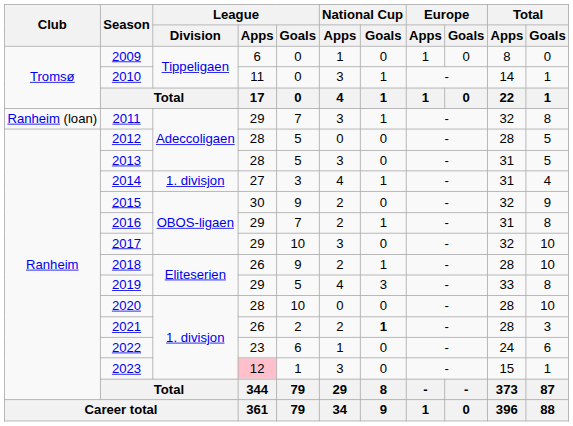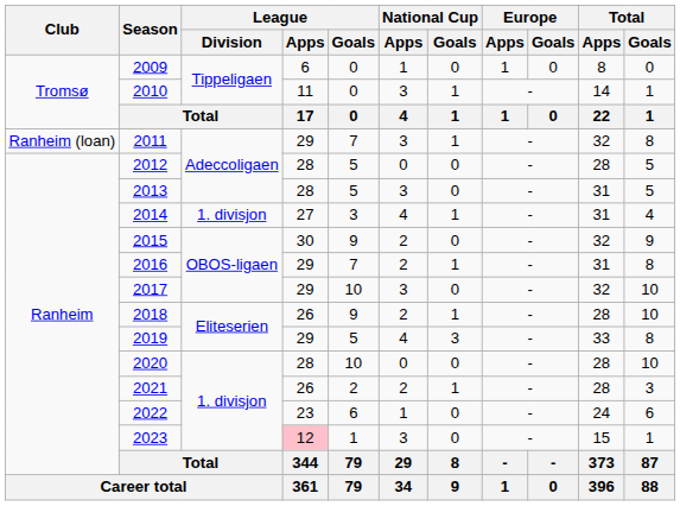 <table class="wikitable" style="text-align: center;">
 <tr>
 <th rowspan="2">Club</th>
 <th rowspan="2">Season</th>
 <th colspan="3">League</th>
 <th colspan="2">National Cup</th>
 <th colspan="2">Europe</th>
 <th colspan="2">Total</th>
 </tr>
 <tr>
 <th>Division</th>
 <th>Apps</th>
 <th>Goals</th>
 <th>Apps</th>
 <th>Goals</th>
 <th>Apps</th>
 <th>Goals</th>
 <th>Apps</th>
 <th>Goals</th>
 </tr>
 <tr>
 <td rowspan="3"><a href='#'>Tromsø</a></td>
 <td><a href='#'>2009</a></td>
 <td rowspan="2"><a href='#'>Tippeligaen</a></td>
 <td>6</td>
 <td>0</td>
 <td>1</td>
 <td>0</td>
 <td>1</td>
 <td>0</td>
 <td>8</td>
 <td>0</td>
 </tr>
 <tr>
 <td><a href='#'>2010</a></td>
 <td>11</td>
 <td>0</td>
 <td>3</td>
 <td>1</td>
 <td colspan="2">-</td>
 <td>14</td>
 <td>1</td>
 </tr>
 <tr>
 <th colspan="2">Total</th>
 <th>17</th>
 <th>0</th>
 <th>4</th>
 <th>1</th>
 <th>1</th>
 <th>0</th>
 <th>22</th>
 <th>1</th>
 </tr>
 <tr>
 <td><a href='#'>Ranheim</a> (loan)</td>
 <td><a href='#'>2011</a></td>
 <td rowspan="3"><a href='#'>Adeccoligaen</a></td>
 <td>29</td>
 <td>7</td>
 <td>3</td>
 <td>1</td>
 <td colspan="2">-</td>
 <td>32</td>
 <td>8</td>
 </tr>
 <tr>
 <td rowspan="13"><a href='#'>Ranheim</a></td>
 <td><a href='#'>2012</a></td>
 <td>28</td>
 <td>5</td>
 <td>0</td>
 <td>0</td>
 <td colspan="2">-</td>
 <td>28</td>
 <td>5</td>
 </tr>
 <tr>
 <td><a href='#'>2013</a></td>
 <td>28</td>
 <td>5</td>
 <td>3</td>
 <td>0</td>
 <td colspan="2">-</td>
 <td>31</td>
 <td>5</td>
 </tr>
 <tr>
 <td><a href='#'>2014</a></td>
 <td><a href='#'>1. divisjon</a></td>
 <td>27</td>
 <td>3</td>
 <td>4</td>
 <td>1</td>
 <td colspan="2">-</td>
 <td>31</td>
 <td>4</td>
 </tr>
 <tr>
 <td><a href='#'>2015</a></td>
 <td rowspan="3"><a href='#'>OBOS-ligaen</a></td>
 <td>30</td>
 <td>9</td>
 <td>2</td>
 <td>0</td>
 <td colspan="2">-</td>
 <td>32</td>
 <td>9</td>
 </tr>
 <tr>
 <td><a href='#'>2016</a></td>
 <td>29</td>
 <td>7</td>
 <td>2</td>
 <td>1</td>
 <td colspan="2">-</td>
 <td>31</td>
 <td>8</td>
 </tr>
 <tr>
 <td><a href='#'>2017</a></td>
 <td>29</td>
 <td>10</td>
 <td>3</td>
 <td>0</td>
 <td colspan="2">-</td>
 <td>32</td>
 <td>10</td>
 </tr>
 <tr>
 <td><a href='#'>2018</a></td>
 <td rowspan="2"><a href='#'>Eliteserien</a></td>
 <td>26</td>
 <td>9</td>
 <td>2</td>
 <td>1</td>
 <td colspan="2">-</td>
 <td>28</td>
 <td>10</td>
 </tr>
 <tr>
 <td><a href='#'>2019</a></td>
 <td>29</td>
 <td>5</td>
 <td>4</td>
 <td>3</td>
 <td colspan="2">-</td>
 <td>33</td>
 <td>8</td>
 </tr>
 <tr>
 <td><a href='#'>2020</a></td>
 <td rowspan="4"><a href='#'>1. divisjon</a></td>
 <td>28</td>
 <td>10</td>
 <td>0</td>
 <td>0</td>
 <td colspan="2">-</td>
 <td>28</td>
 <td>10</td>
 </tr>
 <tr>
 <td><a href='#'>2021</a></td>
 <td>26</td>
 <td>2</td>
 <td>2</td>
-<td><strong>1</strong></td>
+<td>1</td>
 <td colspan="2">-</td>
 <td>28</td>
 <td>3</td>
 </tr>
 <tr>
 <td><a href='#'>2022</a></td>
 <td>23</td>
 <td>6</td>
 <td>1</td>
 <td>0</td>
 <td colspan="2">-</td>
 <td>24</td>
 <td>6</td>
 </tr>
 <tr>
 <td><a href='#'>2023</a></td>
 <td style="background: pink;">12</td>
 <td>1</td>
 <td>3</td>
 <td>0</td>
 <td colspan="2">-</td>
 <td>15</td>
 <td>1</td>
 </tr>
 <tr>
 <th colspan="2">Total</th>
 <th>344</th>
 <th>79</th>
 <th>29</th>
 <th>8</th>
 <th>-</th>
 <th>-</th>
 <th>373</th>
 <th>87</th>
 </tr>
 <tr>
 <th colspan="3">Career total</th>
 <th>361</th>
 <th>79</th>
 <th>34</th>
 <th>9</th>
 <th>1</th>
 <th>0</th>
 <th>396</th>
 <th>88</th>
 </tr>
 </table>
